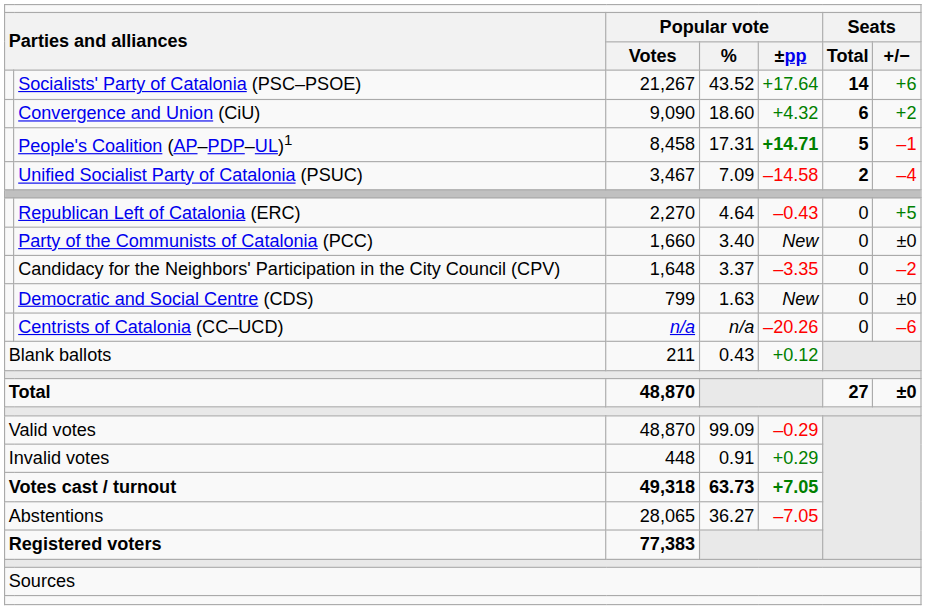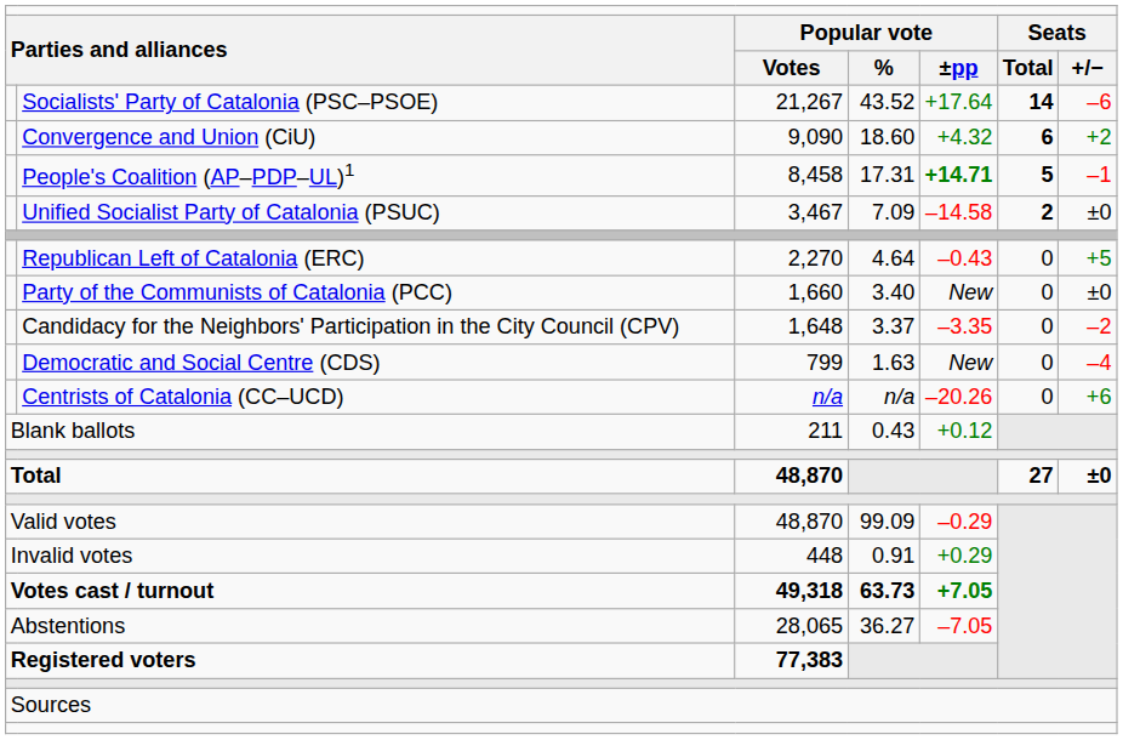 <table class="wikitable" style="text-align:right;">
 <tr>
 <td colspan="7"></td>
 </tr>
 <tr>
 <th style="text-align:left;" rowspan="2" colspan="2" width="525">Parties and alliances</th>
 <th colspan="3">Popular vote</th>
 <th colspan="2">Seats</th>
 </tr>
 <tr>
 <th width="75">Votes</th>
 <th width="45">%</th>
 <th width="45">±<a href='#'>pp</a></th>
 <th width="35">Total</th>
 <th width="35">+/−</th>
 </tr>
 <tr>
 <td width="1" style="color:inherit;background:"></td>
 <td align="left"><a href='#'>Socialists' Party of Catalonia</a> (PSC–PSOE)</td>
 <td>21,267</td>
 <td>43.52</td>
 <td style="color:green;">+17.64</td>
 <td><strong>14</strong></td>
-<td style="color:green;">+6</td>
+<td style="color:red;">–6</td>
 </tr>
 <tr>
 <td style="color:inherit;background:"></td>
 <td align="left"><a href='#'>Convergence and Union</a> (CiU)</td>
 <td>9,090</td>
 <td>18.60</td>
 <td style="color:green;">+4.32</td>
 <td><strong>6</strong></td>
 <td style="color:green;">+2</td>
 </tr>
 <tr>
 <td style="color:inherit;background:"></td>
 <td align="left"><a href='#'>People's Coalition</a> (<a href='#'>AP</a>–<a href='#'>PDP</a>–<a href='#'>UL</a>)<sup>1</sup></td>
 <td>8,458</td>
 <td>17.31</td>
 <td style="color:green;"><strong>+14.71</strong></td>
 <td><strong>5</strong></td>
 <td style="color:red;">–1</td>
 </tr>
 <tr>
 <td style="color:inherit;background:"></td>
 <td align="left"><a href='#'>Unified Socialist Party of Catalonia</a> (PSUC)</td>
 <td>3,467</td>
 <td>7.09</td>
 <td style="color:red;">–14.58</td>
 <td><strong>2</strong></td>
-<td style="color:red;">–4</td>
+<td>±0</td>
 </tr>
 <tr>
 <td colspan="7" style="color:inherit;background:#C0C0C0"></td>
 </tr>
 <tr>
 <td style="color:inherit;background:"></td>
 <td align="left"><a href='#'>Republican Left of Catalonia</a> (ERC)</td>
 <td>2,270</td>
 <td>4.64</td>
 <td style="color:red;">–0.43</td>
 <td>0</td>
 <td style="color:green;">+5</td>
 </tr>
 <tr>
 <td style="color:inherit;background:"></td>
 <td align="left"><a href='#'>Party of the Communists of Catalonia</a> (PCC)</td>
 <td>1,660</td>
 <td>3.40</td>
 <td><em>New</em></td>
 <td>0</td>
 <td>±0</td>
 </tr>
 <tr>
 <td style="color:inherit;background:"></td>
 <td align="left">Candidacy for the Neighbors' Participation in the City Council (CPV)</td>
 <td>1,648</td>
 <td>3.37</td>
 <td style="color:red;">–3.35</td>
 <td>0</td>
 <td style="color:red;">–2</td>
 </tr>
 <tr>
 <td style="color:inherit;background:"></td>
 <td align="left"><a href='#'>Democratic and Social Centre</a> (CDS)</td>
 <td>799</td>
 <td>1.63</td>
 <td><em>New</em></td>
 <td>0</td>
-<td>±0</td>
+<td style="color:red;">–4</td>
 </tr>
 <tr>
 <td style="color:inherit;background:"></td>
 <td align="left"><a href='#'>Centrists of Catalonia</a> (CC–UCD)</td>
 <td><em><a href='#'>n/a</a></em></td>
 <td><em>n/a</em></td>
 <td style="color:red;">–20.26</td>
 <td>0</td>
-<td style="color:red;">–6</td>
+<td style="color:green;">+6</td>
 </tr>
 <tr>
 <td align="left" colspan="2">Blank ballots</td>
 <td>211</td>
 <td>0.43</td>
 <td style="color:green;">+0.12</td>
 <td style="color:inherit;background:#E9E9E9" colspan="2"></td>
 </tr>
 <tr>
 <td colspan="7" style="color:inherit;background:#E9E9E9"></td>
 </tr>
 <tr style="font-weight:bold;">
 <td align="left" colspan="2">Total</td>
 <td>48,870</td>
 <td bgcolor="#E9E9E9" colspan="2"></td>
 <td>27</td>
 <td>±0</td>
 </tr>
 <tr>
 <td colspan="7" style="color:inherit;background:#E9E9E9"></td>
 </tr>
 <tr>
 <td align="left" colspan="2">Valid votes</td>
 <td>48,870</td>
 <td>99.09</td>
 <td style="color:red;">–0.29</td>
 <td bgcolor="#E9E9E9" colspan="2" rowspan="5"></td>
 </tr>
 <tr>
 <td align="left" colspan="2">Invalid votes</td>
 <td>448</td>
 <td>0.91</td>
 <td style="color:green;">+0.29</td>
 </tr>
 <tr style="font-weight:bold;">
 <td align="left" colspan="2">Votes cast / turnout</td>
 <td>49,318</td>
 <td>63.73</td>
 <td style="color:green;">+7.05</td>
 </tr>
 <tr>
 <td align="left" colspan="2">Abstentions</td>
 <td>28,065</td>
 <td>36.27</td>
 <td style="color:red;">–7.05</td>
 </tr>
 <tr style="font-weight:bold;">
 <td align="left" colspan="2">Registered voters</td>
 <td>77,383</td>
 <td bgcolor="#E9E9E9" colspan="2"></td>
 </tr>
 <tr>
 <td colspan="7" style="color:inherit;background:#E9E9E9"></td>
 </tr>
 <tr>
 <td align="left" colspan="7">Sources</td>
 </tr>
 <tr>
 <td colspan="7" style="text-align:left; max-width:790px;"></td>
 </tr>
 </table>
